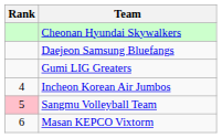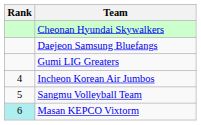 <table class="wikitable" style="text-align: center;">
 <tr>
 <th width=40>Rank</th>
 <th width=240>Team</th>
 </tr>
 <tr bgcolor=#ccffcc>
 <td></td>
 <td align=left><a href='#'>Cheonan Hyundai Skywalkers</a></td>
 </tr>
 <tr>
 <td></td>
 <td align=left><a href='#'>Daejeon Samsung Bluefangs</a></td>
 </tr>
 <tr>
 <td></td>
 <td align=left><a href='#'>Gumi LIG Greaters</a></td>
 </tr>
 <tr>
 <td>4</td>
 <td align=left><a href='#'>Incheon Korean Air Jumbos</a></td>
 </tr>
 <tr>
-<td style="background: pink;">5</td>
+<td>5</td>
 <td align=left><a href='#'>Sangmu Volleyball Team</a></td>
 </tr>
 <tr>
-<td>6</td>
+<td style="background: paleturquoise;">6</td>
 <td align=left><a href='#'>Masan KEPCO Vixtorm</a></td>
 </tr>
 </table>
